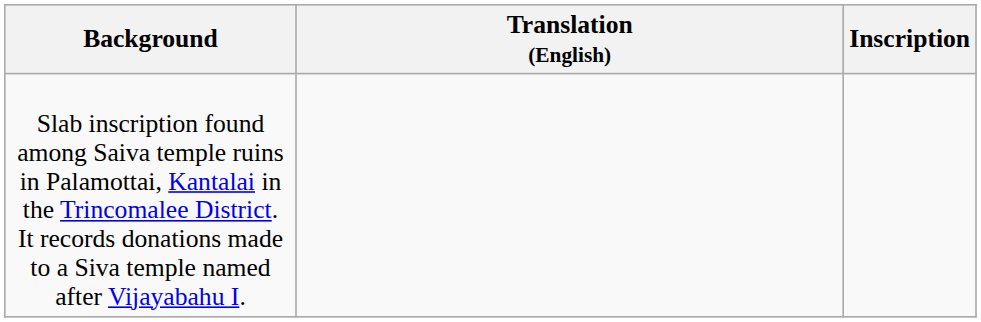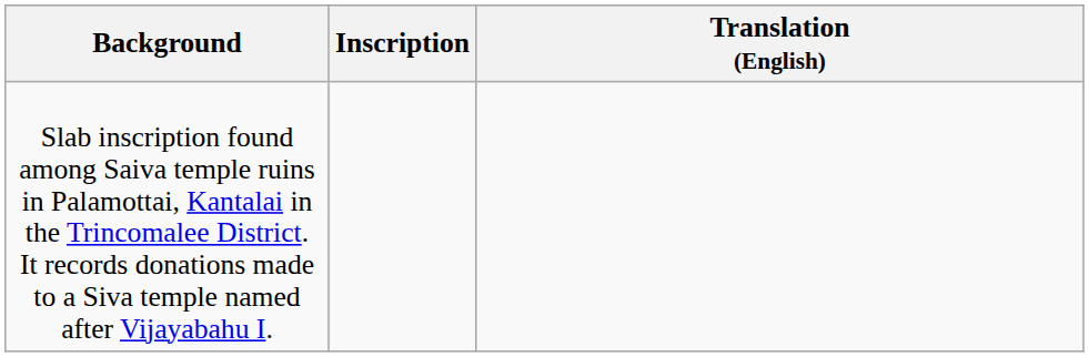 <table class="wikitable centre">
 <tr>
 <th scope="col" align=left>Background<br></th>
+<th>Inscription<br></th>
 <th>Translation<br><small>(English)</small></th>
-<th>Inscription<br></th>
 </tr>
 <tr>
 <td align=center width="30%"><br>Slab inscription found among Saiva temple ruins in Palamottai, <a href='#'>Kantalai</a> in the <a href='#'>Trincomalee District</a>.<br>It records donations made to a Siva temple named after <a href='#'>Vijayabahu I</a>.</td>
+<td align=center width="10%"><br></td>
 <td align=left><br></td>
-<td align=center width="10%"><br></td>
 </tr>
 </table>
